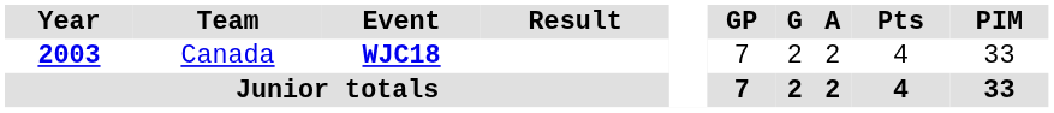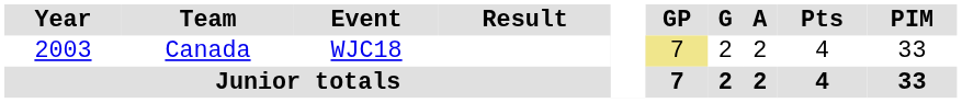 <table border="0" cellpadding="1" cellspacing="0" style="text-align:center; width:40em">
 <tr ALIGN="center" bgcolor="#e0e0e0">
 <th>Year</th>
 <th>Team</th>
 <th>Event</th>
 <th>Result</th>
 <th rowspan="99" bgcolor="#ffffff"> </th>
 <th>GP</th>
 <th>G</th>
 <th>A</th>
 <th>Pts</th>
 <th>PIM</th>
 </tr>
 <tr>
-<td><strong><a href='#'>2003</a></strong></td>
+<td><a href='#'>2003</a></td>
 <td><a href='#'>Canada</a></td>
-<td><strong><a href='#'>WJC18</a></strong></td>
+<td><a href='#'>WJC18</a></td>
 <td></td>
-<td>7</td>
+<td style="background: khaki;">7</td>
 <td>2</td>
 <td>2</td>
 <td>4</td>
 <td>33</td>
 </tr>
 <tr bgcolor="#e0e0e0">
 <th colspan=4>Junior totals</th>
 <th>7</th>
 <th>2</th>
 <th>2</th>
 <th>4</th>
 <th>33</th>
 </tr>
 </table>
